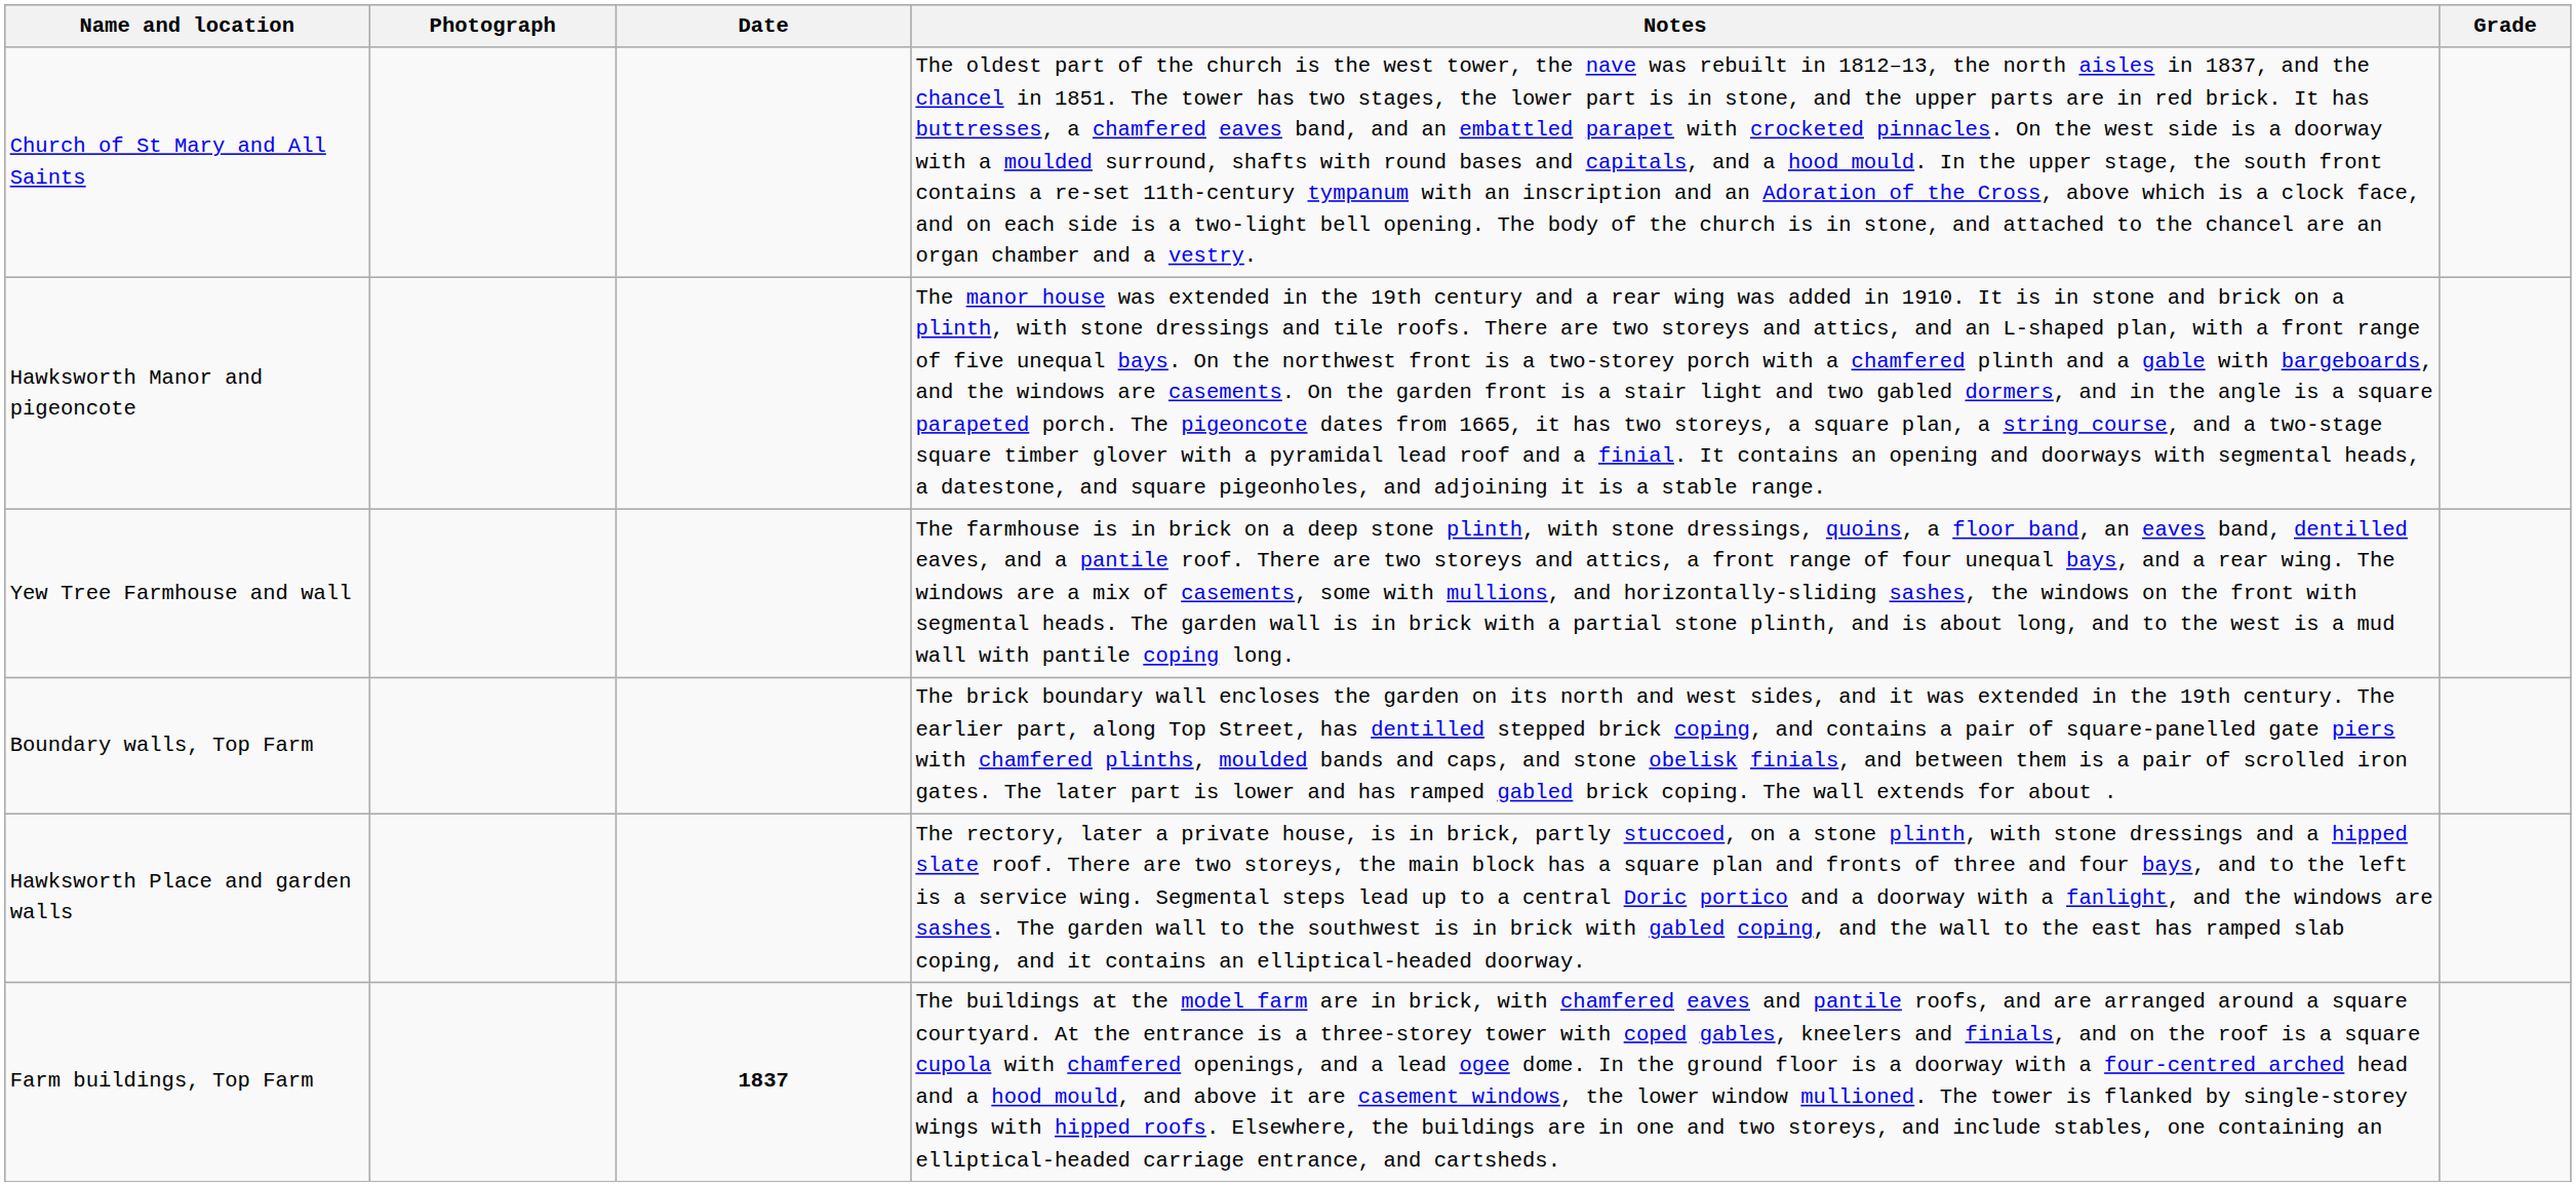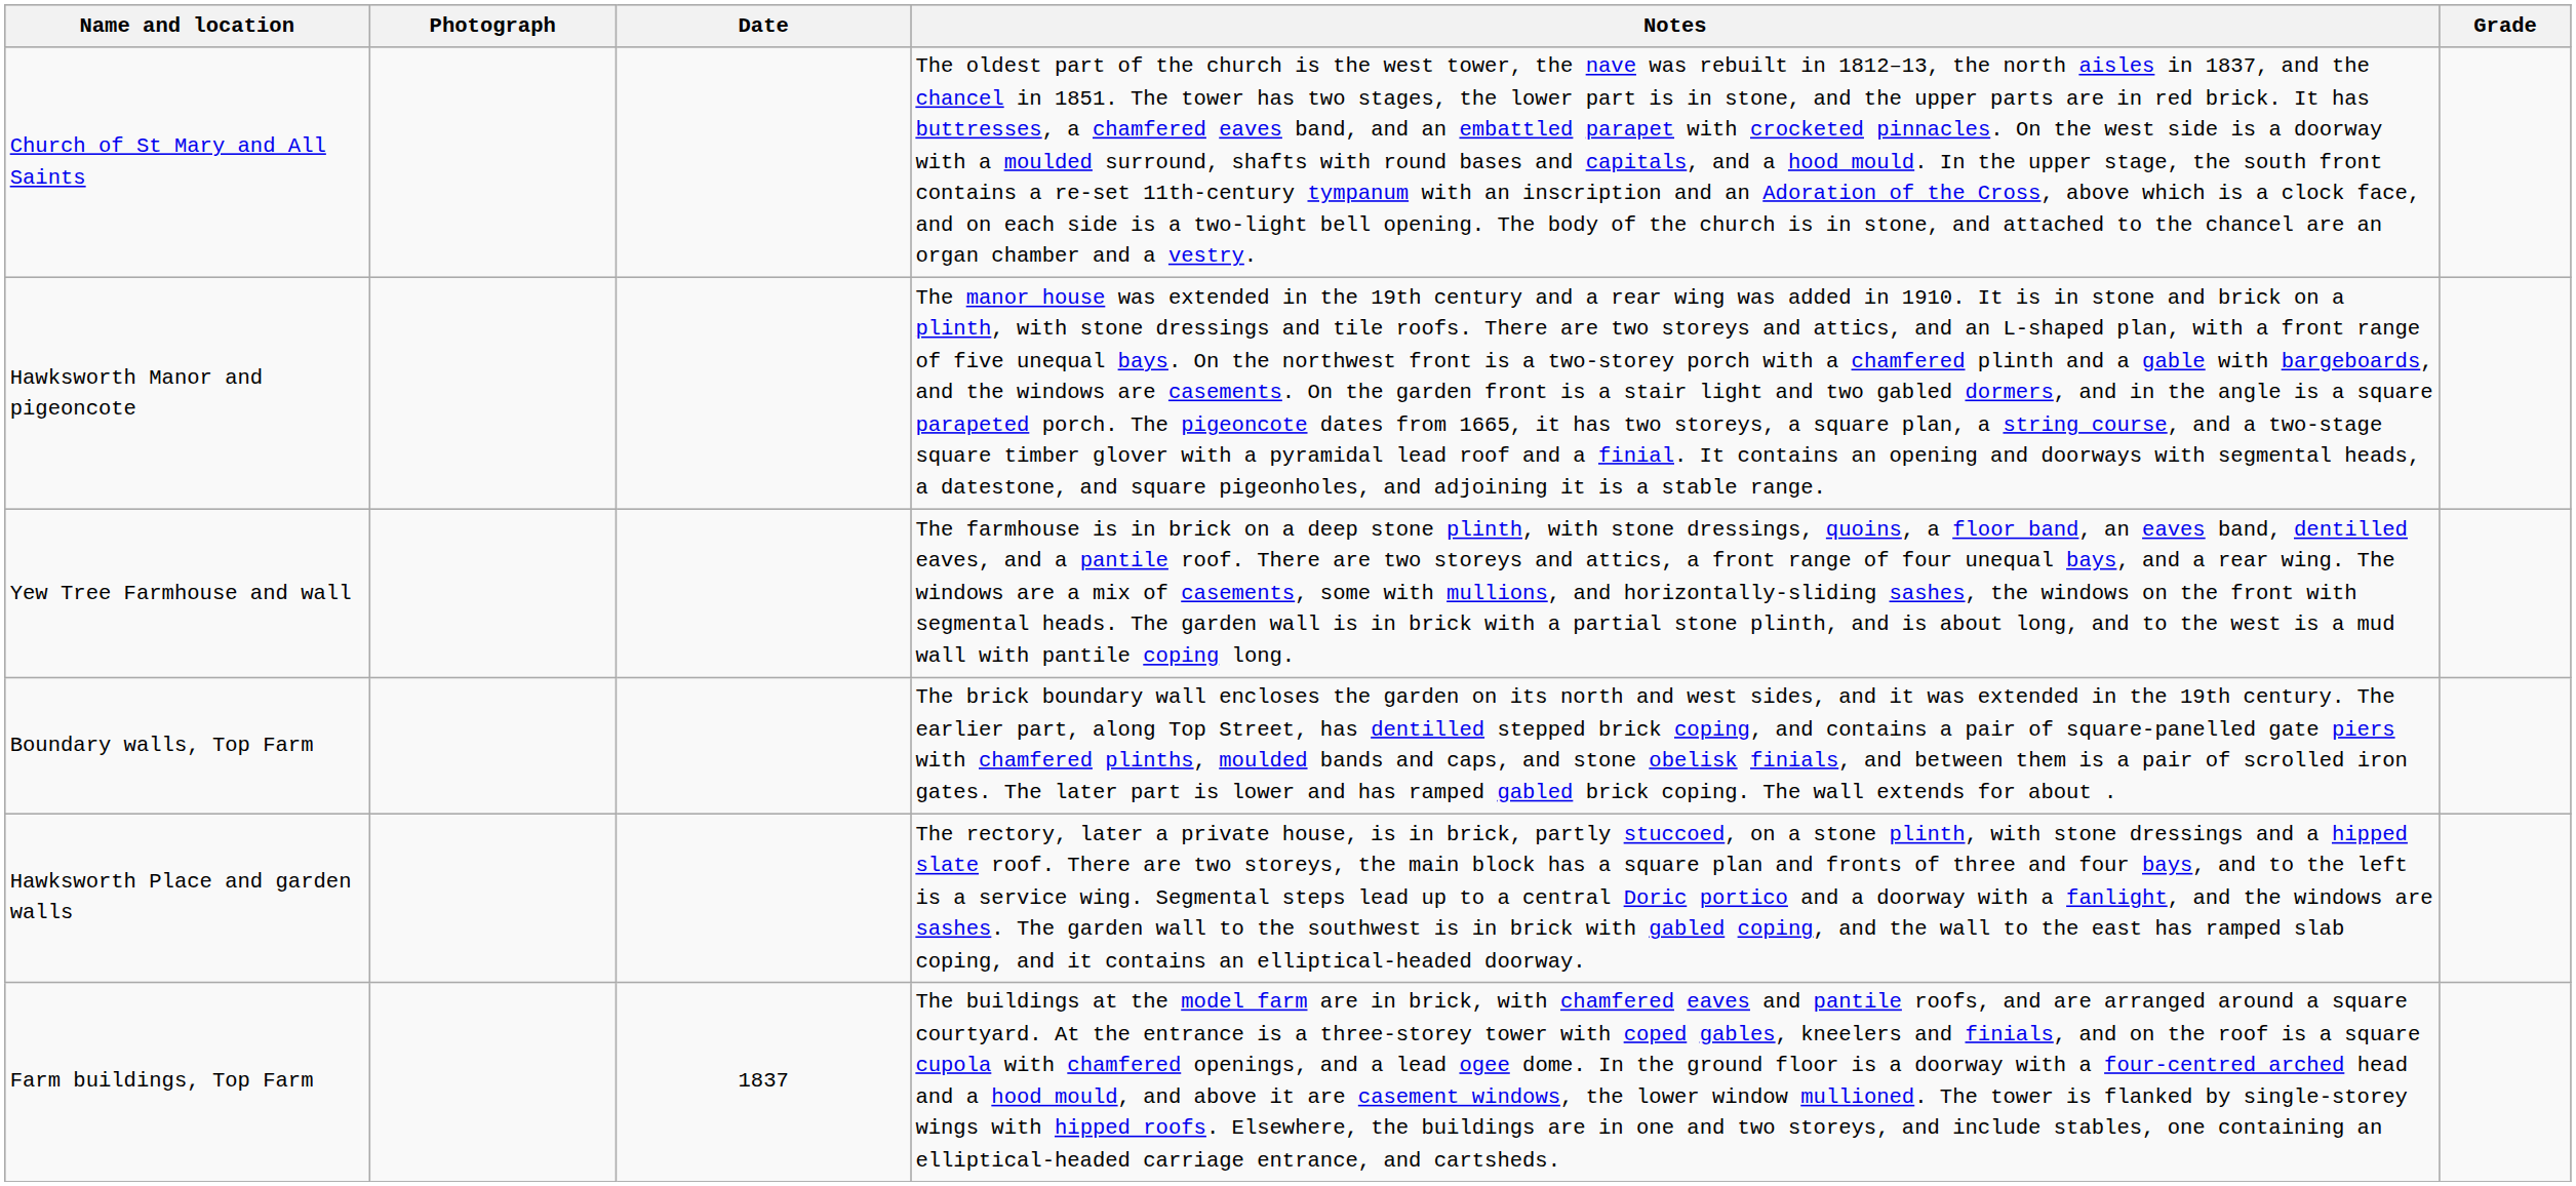 <table class="wikitable sortable plainrowheaders" style="width:100%; border:0px; text-align:left; line-height:150%">
 <tr>
 <th scope="col"  style="width:150px">Name and location</th>
 <th scope="col"  style="width:100px" class="unsortable">Photograph</th>
 <th scope="col"  style="width:120px">Date</th>
 <th scope="col"  style="width:650px" class="unsortable">Notes</th>
 <th scope="col"  style="width:50px">Grade</th>
 </tr>
 <tr>
 <td><a href='#'>Church of St Mary and All Saints</a><br><small></small></td>
 <td></td>
 <td align="center"></td>
 <td>The oldest part of the church is the west tower, the <a href='#'>nave</a> was rebuilt in 1812–13, the north <a href='#'>aisles</a> in 1837, and the <a href='#'>chancel</a> in 1851.  The tower has two stages, the lower part is in  stone, and the upper parts are in red brick.  It has <a href='#'>buttresses</a>, a <a href='#'>chamfered</a> <a href='#'>eaves</a> band, and an <a href='#'>embattled</a> <a href='#'>parapet</a> with <a href='#'>crocketed</a> <a href='#'>pinnacles</a>.  On the west side is a doorway with a <a href='#'>moulded</a> surround, shafts with round bases and <a href='#'>capitals</a>, and a <a href='#'>hood mould</a>.  In the upper stage, the south front contains a re-set 11th-century <a href='#'>tympanum</a> with an inscription and an <a href='#'>Adoration of the Cross</a>, above which is a clock face, and on each side is a two-light bell opening.  The body of the church is in stone, and attached to the chancel are an organ chamber and a <a href='#'>vestry</a>.</td>
 <td align="center" ></td>
 </tr>
 <tr>
 <td>Hawksworth Manor and pigeoncote<br><small></small></td>
 <td></td>
 <td align="center"></td>
 <td>The <a href='#'>manor house</a> was extended in the 19th century and a rear wing was added in 1910.  It is in stone and brick on a <a href='#'>plinth</a>, with stone dressings and tile roofs.  There are two storeys and attics, and an L-shaped plan, with a front range of five unequal <a href='#'>bays</a>.  On the northwest front is a two-storey porch with a <a href='#'>chamfered</a> plinth and a <a href='#'>gable</a> with <a href='#'>bargeboards</a>, and the windows are <a href='#'>casements</a>. On the garden front is a stair light and two gabled <a href='#'>dormers</a>, and in the angle is a square <a href='#'>parapeted</a> porch.  The <a href='#'>pigeoncote</a> dates from 1665, it has two storeys, a square plan, a <a href='#'>string course</a>, and a two-stage square timber glover with a pyramidal lead roof and a <a href='#'>finial</a>.  It contains an opening and doorways with segmental heads, a datestone, and square pigeonholes, and adjoining it is a stable range.</td>
 <td align="center" ></td>
 </tr>
 <tr>
 <td>Yew Tree Farmhouse and wall<br><small></small></td>
 <td></td>
 <td align="center"></td>
 <td>The farmhouse is in brick on a deep stone <a href='#'>plinth</a>, with stone dressings, <a href='#'>quoins</a>, a <a href='#'>floor band</a>, an <a href='#'>eaves</a> band, <a href='#'>dentilled</a> eaves, and a <a href='#'>pantile</a> roof.  There are two storeys and attics, a front range of four unequal <a href='#'>bays</a>, and a rear wing.  The windows are a mix of <a href='#'>casements</a>, some with <a href='#'>mullions</a>, and horizontally-sliding <a href='#'>sashes</a>, the windows on the front with segmental heads.  The garden wall is in brick with a partial stone plinth, and is about  long, and to the west is a mud wall with pantile <a href='#'>coping</a>  long.</td>
 <td align="center" ></td>
 </tr>
 <tr>
 <td>Boundary walls, Top Farm<br><small></small></td>
 <td></td>
 <td align="center"></td>
 <td>The brick boundary wall encloses the garden on its north and west sides, and it was extended in the 19th century.  The earlier part, along Top Street, has <a href='#'>dentilled</a> stepped brick <a href='#'>coping</a>, and contains a pair of square-panelled gate <a href='#'>piers</a> with <a href='#'>chamfered</a> <a href='#'>plinths</a>, <a href='#'>moulded</a> bands and caps, and stone <a href='#'>obelisk</a> <a href='#'>finials</a>, and between them is a pair of scrolled iron gates.  The later part is lower and has ramped <a href='#'>gabled</a> brick coping.  The wall extends for about .</td>
 <td align="center" ></td>
 </tr>
 <tr>
 <td>Hawksworth Place and garden walls<br><small></small></td>
 <td></td>
 <td align="center"></td>
 <td>The rectory, later a private house, is in brick, partly <a href='#'>stuccoed</a>, on a stone <a href='#'>plinth</a>, with stone dressings and a <a href='#'>hipped</a> <a href='#'>slate</a> roof.  There are two storeys, the main block has a square plan and fronts of three and four <a href='#'>bays</a>, and to the left is a service wing.  Segmental steps lead up to a central <a href='#'>Doric</a> <a href='#'>portico</a> and a doorway with a <a href='#'>fanlight</a>, and the windows are <a href='#'>sashes</a>.  The garden wall to the southwest is in brick with <a href='#'>gabled</a> <a href='#'>coping</a>, and the wall to the east has ramped slab coping, and it contains an elliptical-headed doorway.</td>
 <td align="center" ></td>
 </tr>
 <tr>
 <td>Farm buildings, Top Farm<br><small></small></td>
 <td></td>
-<td align="center"><strong>1837</strong></td>
+<td align="center">1837</td>
 <td>The buildings at the <a href='#'>model farm</a> are in brick, with <a href='#'>chamfered</a> <a href='#'>eaves</a> and <a href='#'>pantile</a> roofs, and are arranged around a square courtyard.  At the entrance is a three-storey tower with <a href='#'>coped</a> <a href='#'>gables</a>, kneelers and <a href='#'>finials</a>, and on the roof is a square <a href='#'>cupola</a> with <a href='#'>chamfered</a> openings, and a lead <a href='#'>ogee</a> dome.  In the ground floor is a doorway with a <a href='#'>four-centred arched</a> head and a <a href='#'>hood mould</a>, and above it are <a href='#'>casement windows</a>, the lower window <a href='#'>mullioned</a>.  The tower is flanked by single-storey wings with <a href='#'>hipped roofs</a>.  Elsewhere, the buildings are in one and two storeys, and include stables, one containing an elliptical-headed carriage entrance, and cartsheds.</td>
 <td align="center" ></td>
 </tr>
 <tr>
 </tr>
 </table>
